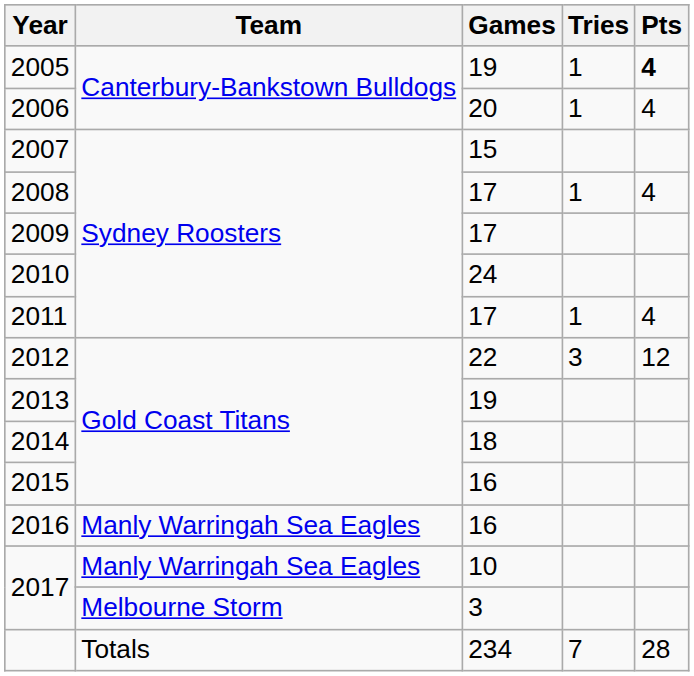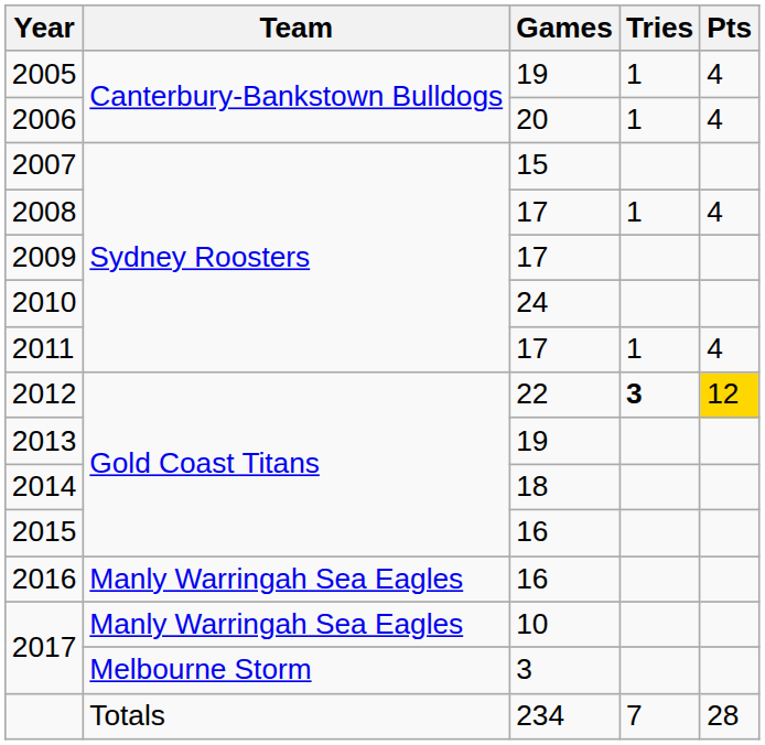 <table class="wikitable">
 <tr>
 <th>Year</th>
 <th>Team</th>
 <th>Games</th>
 <th>Tries</th>
 <th>Pts</th>
 </tr>
 <tr>
 <td>2005</td>
 <td rowspan="2"> <a href='#'>Canterbury-Bankstown Bulldogs</a></td>
 <td>19</td>
 <td>1</td>
-<td><strong>4</strong></td>
+<td>4</td>
 </tr>
 <tr>
 <td>2006</td>
 <td>20</td>
 <td>1</td>
 <td>4</td>
 </tr>
 <tr>
 <td>2007</td>
 <td rowspan="5"> <a href='#'>Sydney Roosters</a></td>
 <td>15</td>
 <td></td>
 <td></td>
 </tr>
 <tr>
 <td>2008</td>
 <td>17</td>
 <td>1</td>
 <td>4</td>
 </tr>
 <tr>
 <td>2009</td>
 <td>17</td>
 <td></td>
 <td></td>
 </tr>
 <tr>
 <td>2010</td>
 <td>24</td>
 <td></td>
 <td></td>
 </tr>
 <tr>
 <td>2011</td>
 <td>17</td>
 <td>1</td>
 <td>4</td>
 </tr>
 <tr>
 <td>2012</td>
 <td rowspan="4"> <a href='#'>Gold Coast Titans</a></td>
 <td>22</td>
-<td>3</td>
-<td>12</td>
+<td><strong>3</strong></td>
+<td style="background: gold;">12</td>
 </tr>
 <tr>
 <td>2013</td>
 <td>19</td>
 <td></td>
 <td></td>
 </tr>
 <tr>
 <td>2014</td>
 <td>18</td>
 <td></td>
 <td></td>
 </tr>
 <tr>
 <td>2015</td>
 <td>16</td>
 <td></td>
 <td></td>
 </tr>
 <tr>
 <td>2016</td>
 <td> <a href='#'>Manly Warringah Sea Eagles</a></td>
 <td>16</td>
 <td></td>
 <td></td>
 </tr>
 <tr>
 <td rowspan="2">2017</td>
 <td> <a href='#'>Manly Warringah Sea Eagles</a></td>
 <td>10</td>
 <td></td>
 <td></td>
 </tr>
 <tr>
 <td> <a href='#'>Melbourne Storm</a></td>
 <td>3</td>
 <td></td>
 <td></td>
 </tr>
 <tr>
 <td></td>
 <td>Totals</td>
 <td>234</td>
 <td>7</td>
 <td>28</td>
 </tr>
 </table>
